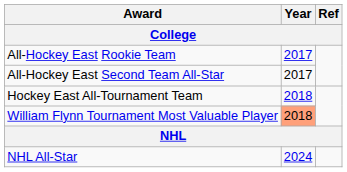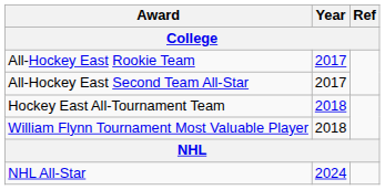 <table class="wikitable">
 <tr>
 <th>Award</th>
 <th>Year</th>
 <th>Ref</th>
 </tr>
 <tr>
 <th colspan="3"><a href='#'>College</a></th>
 </tr>
 <tr>
 <td>All-<a href='#'>Hockey East</a> <a href='#'>Rookie Team</a></td>
 <td><a href='#'>2017</a></td>
 <td rowspan="2"></td>
 </tr>
 <tr>
 <td>All-Hockey East <a href='#'>Second Team All-Star</a></td>
 <td>2017</td>
 </tr>
 <tr>
 <td>Hockey East All-Tournament Team</td>
 <td><a href='#'>2018</a></td>
 <td rowspan="2"></td>
 </tr>
 <tr>
 <td><a href='#'>William Flynn Tournament Most Valuable Player</a></td>
-<td style="background: lightsalmon;">2018</td>
+<td>2018</td>
 </tr>
 <tr>
 <th colspan="3"><a href='#'>NHL</a></th>
 </tr>
 <tr>
 <td><a href='#'>NHL All-Star</a></td>
 <td><a href='#'>2024</a></td>
 <td></td>
 </tr>
 </table>
